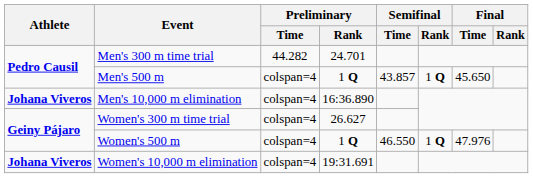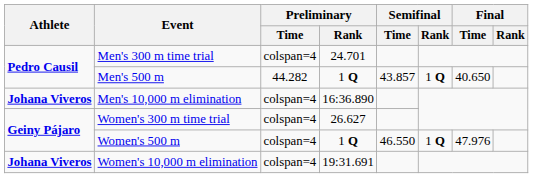 <table class=wikitable style=font-size:90%;text-align:center>
 <tr>
 <th rowspan=2>Athlete</th>
 <th rowspan=2>Event</th>
 <th colspan=2>Preliminary</th>
 <th colspan=2>Semifinal</th>
 <th colspan=2>Final</th>
 </tr>
 <tr style=font-size:95%>
 <th>Time</th>
 <th>Rank</th>
 <th>Time</th>
 <th>Rank</th>
 <th>Time</th>
 <th>Rank</th>
 </tr>
 <tr>
 <td style="text-align:left" rowspan=2><strong><a href='#'>Pedro Causil</a></strong></td>
 <td style="text-align:left"><a href='#'>Men's 300 m time trial</a></td>
-<td>44.282</td>
+<td>colspan=4 </td>
 <td>24.701</td>
 <td></td>
 </tr>
 <tr>
 <td style="text-align:left"><a href='#'>Men's 500 m</a></td>
-<td>colspan=4 </td>
+<td>44.282</td>
 <td>1 <strong>Q</strong></td>
 <td>43.857</td>
 <td>1 <strong>Q</strong></td>
-<td>45.650</td>
+<td>40.650</td>
 <td></td>
 </tr>
 <tr>
 <td style="text-align:left"><strong><a href='#'>Johana Viveros</a></strong></td>
 <td style="text-align:left"><a href='#'>Men's 10,000 m elimination</a></td>
 <td>colspan=4 </td>
 <td>16:36.890</td>
 <td></td>
 </tr>
 <tr>
 <td style="text-align:left" rowspan=2><strong><a href='#'>Geiny Pájaro</a></strong></td>
 <td style="text-align:left"><a href='#'>Women's 300 m time trial</a></td>
 <td>colspan=4 </td>
 <td>26.627</td>
 <td></td>
 </tr>
 <tr>
 <td style="text-align:left"><a href='#'>Women's 500 m</a></td>
 <td>colspan=4 </td>
 <td>1 <strong>Q</strong></td>
 <td>46.550</td>
 <td>1 <strong>Q</strong></td>
 <td>47.976</td>
 <td></td>
 </tr>
 <tr>
 <td style="text-align:left"><strong><a href='#'>Johana Viveros</a></strong></td>
 <td style="text-align:left"><a href='#'>Women's 10,000 m elimination</a></td>
 <td>colspan=4 </td>
 <td>19:31.691</td>
 <td></td>
 </tr>
 </table>
